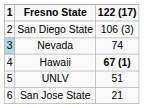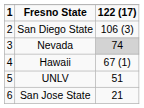 <table class="wikitable" style="display: inline-table;">
 <tr align="center">
 </tr>
 <tr align="center">
 <td><strong>1</strong></td>
 <td><strong>Fresno State</strong></td>
 <td><strong>122 (17)</strong></td>
 </tr>
 <tr align="center">
 <td>2</td>
 <td>San Diego State</td>
 <td>106 (3)</td>
 </tr>
 <tr align="center">
-<td style="background: lightblue;">3</td>
+<td>3</td>
 <td>Nevada</td>
-<td>74</td>
+<td style="background: lightgrey;">74</td>
 </tr>
 <tr align="center">
 <td>4</td>
 <td>Hawaii</td>
-<td><strong>67 (1)</strong></td>
+<td>67 (1)</td>
 </tr>
 <tr align="center">
 <td>5</td>
 <td>UNLV</td>
 <td>51</td>
 </tr>
 <tr align="center">
 <td>6</td>
 <td>San Jose State</td>
 <td>21</td>
 </tr>
 </table>
